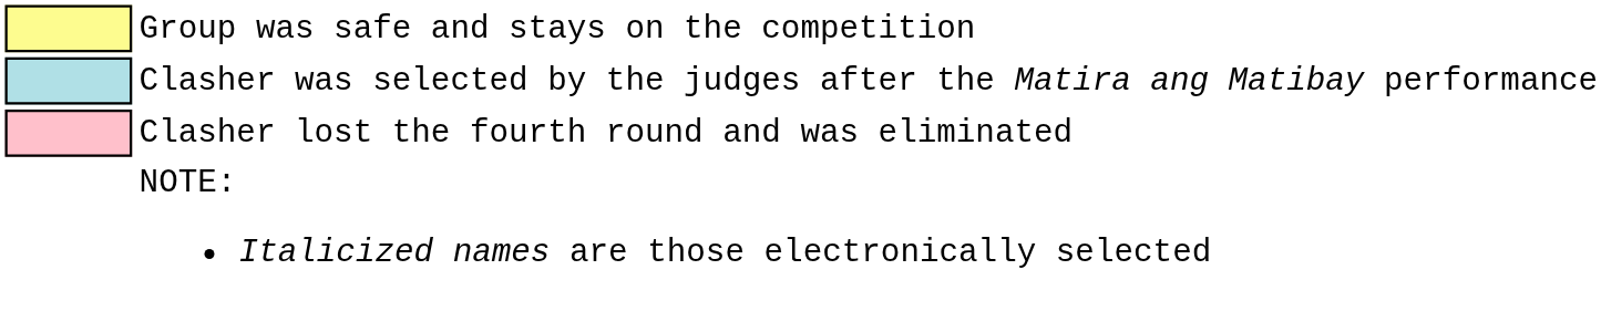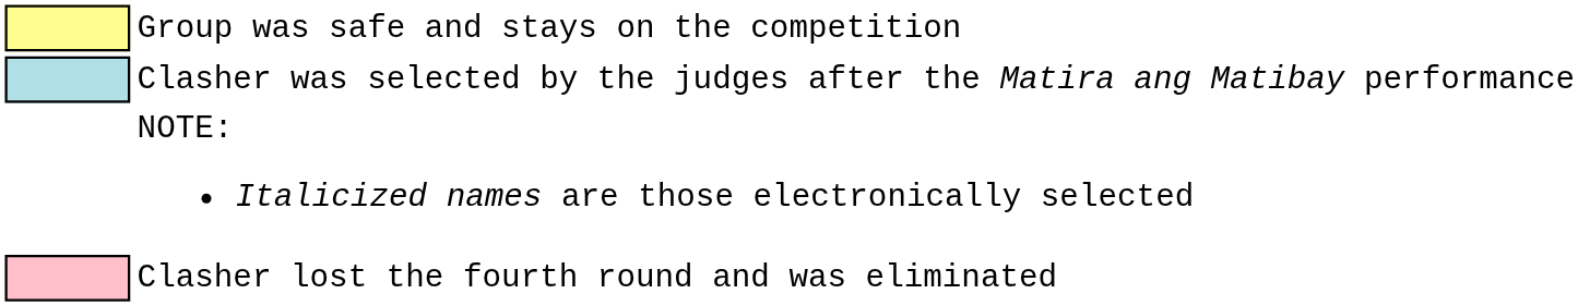 <table class="toccolours" style="white-space: nowrap;">
 <tr>
 <td style="background:#fdfc8f; border: 1px solid black">    </td>
 <td>Group was safe and stays on the competition</td>
 </tr>
 <tr>
 <td style="background:#b0e0e6; border:1px solid black;">      </td>
 <td>Clasher was selected by the judges after the <em>Matira ang Matibay</em> performance</td>
 </tr>
 <tr>
+<td style="background:none; border: 0px solid black">    </td>
+<td>NOTE:<br><ul><li><em>Italicized names</em> are those electronically selected</li></ul></td>
+</tr>
+<tr>
 <td style="background:pink; border:1px solid black;">      </td>
 <td>Clasher lost the fourth round and was eliminated</td>
 </tr>
-<tr>
-<td style="background:none; border: 0px solid black">    </td>
-<td>NOTE:<br><ul><li><em>Italicized names</em> are those electronically selected</li></ul></td>
-</tr>
 </table>
